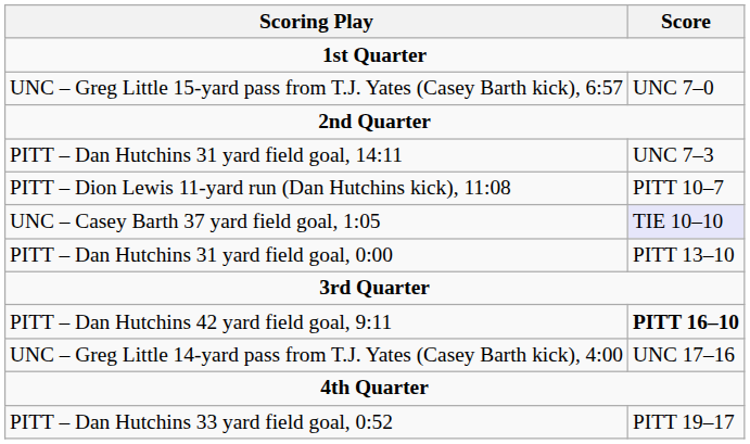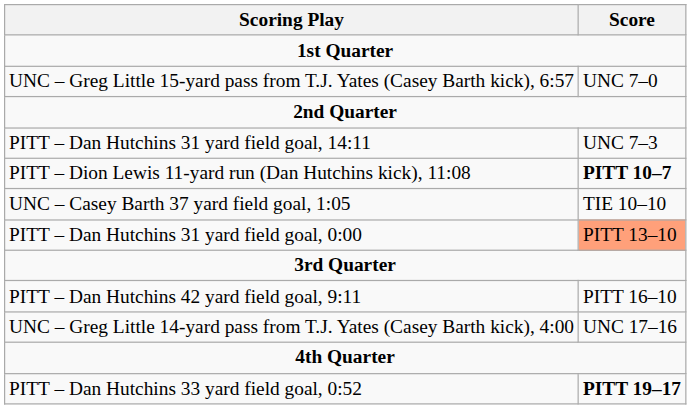 <table class="wikitable">
 <tr>
 <th>Scoring Play</th>
 <th>Score</th>
 </tr>
 <tr>
 <td colspan="4" align="center"><strong>1st Quarter</strong></td>
 </tr>
 <tr>
 <td>UNC – Greg Little 15-yard pass from T.J. Yates (Casey Barth kick), 6:57</td>
 <td>UNC 7–0</td>
 </tr>
 <tr>
 <td colspan="4" align="center"><strong>2nd Quarter</strong></td>
 </tr>
 <tr>
 <td>PITT – Dan Hutchins 31 yard field goal, 14:11</td>
 <td>UNC 7–3</td>
 </tr>
 <tr>
 <td>PITT – Dion Lewis 11-yard run (Dan Hutchins kick), 11:08</td>
-<td>PITT 10–7</td>
+<td><strong>PITT 10–7</strong></td>
 </tr>
 <tr>
 <td>UNC – Casey Barth 37 yard field goal, 1:05</td>
-<td style="background: lavender;">TIE 10–10</td>
+<td>TIE 10–10</td>
 </tr>
 <tr>
 <td>PITT – Dan Hutchins 31 yard field goal, 0:00</td>
-<td>PITT 13–10</td>
+<td style="background: lightsalmon;">PITT 13–10</td>
 </tr>
 <tr>
 <td colspan="4" align="center"><strong>3rd Quarter</strong></td>
 </tr>
 <tr>
 <td>PITT – Dan Hutchins 42 yard field goal, 9:11</td>
-<td><strong>PITT 16–10</strong></td>
+<td>PITT 16–10</td>
 </tr>
 <tr>
 <td>UNC – Greg Little 14-yard pass from T.J. Yates (Casey Barth kick), 4:00</td>
 <td>UNC 17–16</td>
 </tr>
 <tr>
 <td colspan="4" align="center"><strong>4th Quarter</strong></td>
 </tr>
 <tr>
 <td>PITT – Dan Hutchins 33 yard field goal, 0:52</td>
-<td>PITT 19–17</td>
+<td><strong>PITT 19–17</strong></td>
 </tr>
 </table>
